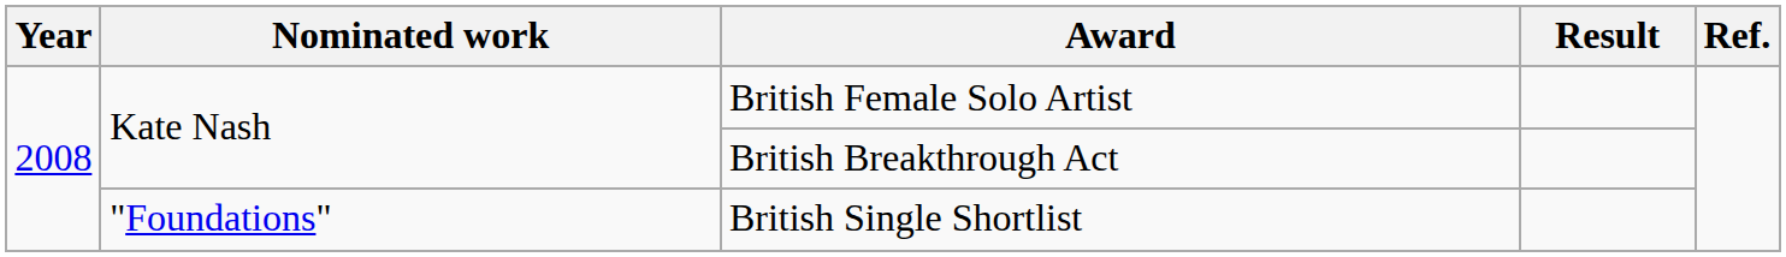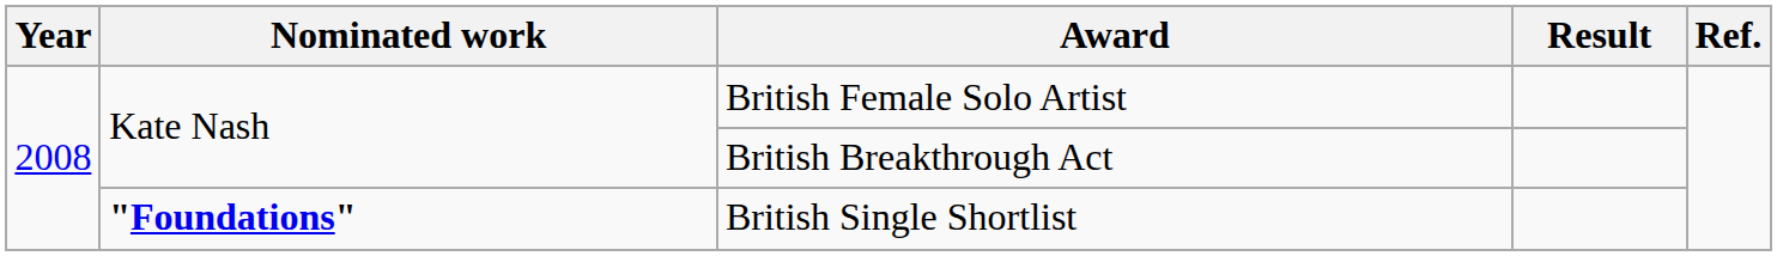 <table class="wikitable">
 <tr>
 <th>Year</th>
 <th width="250">Nominated work</th>
 <th width="325">Award</th>
 <th width="65">Result</th>
 <th>Ref.</th>
 </tr>
 <tr>
 <td align="center" rowspan=3><a href='#'>2008</a></td>
 <td rowspan=2>Kate Nash</td>
 <td>British Female Solo Artist</td>
 <td></td>
 <td align="center" rowspan=3></td>
 </tr>
 <tr>
 <td>British Breakthrough Act</td>
 <td></td>
 </tr>
 <tr>
-<td>"<a href='#'>Foundations</a>"</td>
+<td><strong>"<a href='#'>Foundations</a>"</strong></td>
 <td>British Single Shortlist</td>
 <td></td>
 </tr>
 <tr>
 </tr>
 </table>
